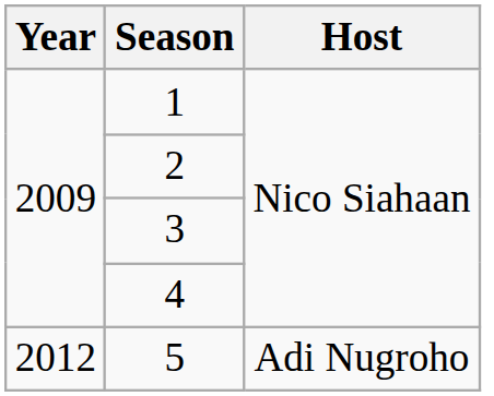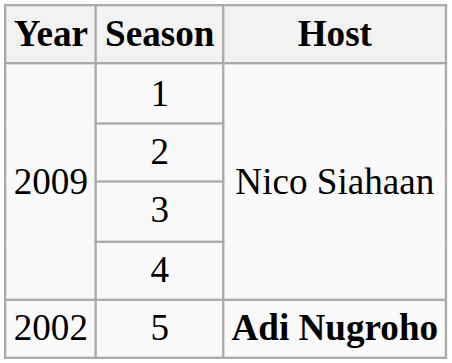 <table class="wikitable" style="text-align:center;">
 <tr>
 <th>Year</th>
 <th>Season</th>
 <th>Host</th>
 </tr>
 <tr>
 <td rowspan=4>2009</td>
 <td>1</td>
 <td rowspan=4>Nico Siahaan</td>
 </tr>
 <tr>
 <td>2</td>
 </tr>
 <tr>
 <td>3</td>
 </tr>
 <tr>
 <td>4</td>
 </tr>
 <tr>
-<td>2012</td>
+<td>2002</td>
 <td>5</td>
-<td>Adi Nugroho</td>
+<td><strong>Adi Nugroho</strong></td>
 </tr>
 </table>
